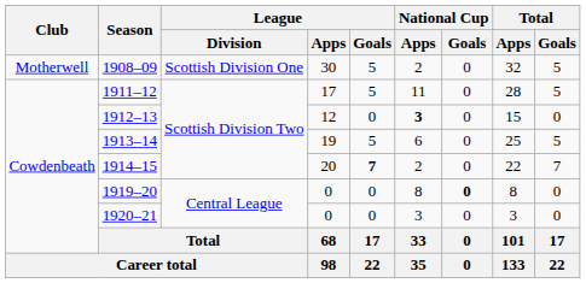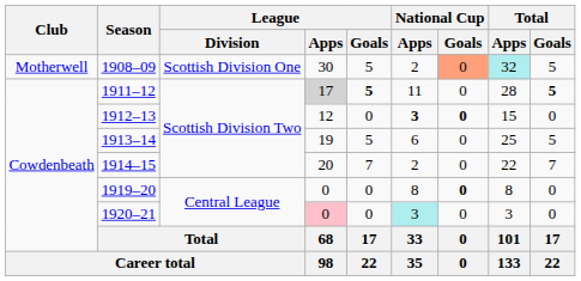 <table class="wikitable" style="text-align: center">
 <tr>
 <th rowspan="2">Club</th>
 <th rowspan="2">Season</th>
 <th colspan="3">League</th>
 <th colspan="2">National Cup</th>
 <th colspan="2">Total</th>
 </tr>
 <tr>
 <th>Division</th>
 <th>Apps</th>
 <th>Goals</th>
 <th>Apps</th>
 <th>Goals</th>
 <th>Apps</th>
 <th>Goals</th>
 </tr>
 <tr>
 <td><a href='#'>Motherwell</a></td>
 <td><a href='#'>1908–09</a></td>
 <td><a href='#'>Scottish Division One</a></td>
 <td>30</td>
 <td>5</td>
 <td>2</td>
-<td>0</td>
-<td>32</td>
+<td style="background: lightsalmon;">0</td>
+<td style="background: paleturquoise;">32</td>
 <td>5</td>
 </tr>
 <tr>
 <td rowspan="7"><a href='#'>Cowdenbeath</a></td>
 <td><a href='#'>1911–12</a></td>
 <td rowspan="4"><a href='#'>Scottish Division Two</a></td>
-<td>17</td>
-<td>5</td>
+<td style="background: lightgrey;">17</td>
+<td><strong>5</strong></td>
 <td>11</td>
 <td>0</td>
 <td>28</td>
-<td>5</td>
+<td><strong>5</strong></td>
 </tr>
 <tr>
 <td><a href='#'>1912–13</a></td>
 <td>12</td>
 <td>0</td>
 <td><strong>3</strong></td>
-<td>0</td>
+<td><strong>0</strong></td>
 <td>15</td>
 <td>0</td>
 </tr>
 <tr>
 <td><a href='#'>1913–14</a></td>
 <td>19</td>
 <td>5</td>
 <td>6</td>
 <td>0</td>
 <td>25</td>
 <td>5</td>
 </tr>
 <tr>
 <td><a href='#'>1914–15</a></td>
 <td>20</td>
-<td><strong>7</strong></td>
+<td>7</td>
 <td>2</td>
 <td>0</td>
 <td>22</td>
 <td>7</td>
 </tr>
 <tr>
 <td><a href='#'>1919–20</a></td>
 <td rowspan="2"><a href='#'>Central League</a></td>
 <td>0</td>
 <td>0</td>
 <td>8</td>
 <td><strong>0</strong></td>
 <td>8</td>
 <td>0</td>
 </tr>
 <tr>
 <td><a href='#'>1920–21</a></td>
+<td style="background: pink;">0</td>
 <td>0</td>
-<td>0</td>
-<td>3</td>
+<td style="background: paleturquoise;">3</td>
 <td>0</td>
 <td>3</td>
 <td>0</td>
 </tr>
 <tr>
 <th colspan="2">Total</th>
 <th>68</th>
 <th>17</th>
 <th>33</th>
 <th>0</th>
 <th>101</th>
 <th>17</th>
 </tr>
 <tr>
 <th colspan="3">Career total</th>
 <th>98</th>
 <th>22</th>
 <th>35</th>
 <th>0</th>
 <th>133</th>
 <th>22</th>
 </tr>
 </table>
